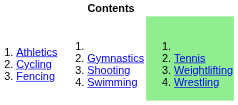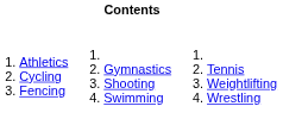 <table id="toc" class="toc" summary="Contents">
 <tr>
 <td style="text-align:center;" colspan=3><strong>Contents</strong></td>
 </tr>
 <tr>
 <td><br><ol><li><a href='#'>Athletics</a></li><li><a href='#'>Cycling</a></li><li><a href='#'>Fencing</a></li></ol></td>
 <td valign=top><br><ol><li><li><a href='#'>Gymnastics</a></li><li><a href='#'>Shooting</a></li><li><a href='#'>Swimming</a></li></ol></td>
-<td valign=top style="background: lightgreen;"><br><ol><li><li><a href='#'>Tennis</a></li><li><a href='#'>Weightlifting</a></li><li><a href='#'>Wrestling</a></li></ol></td>
+<td valign=top><br><ol><li><li><a href='#'>Tennis</a></li><li><a href='#'>Weightlifting</a></li><li><a href='#'>Wrestling</a></li></ol></td>
 </tr>
 </table>
